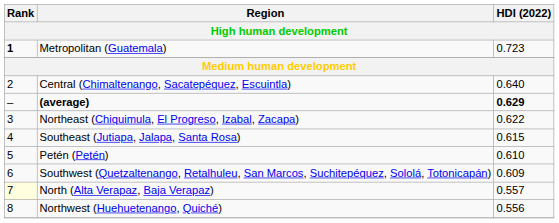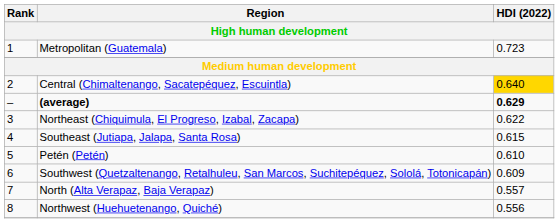 <table class="wikitable sortable">
 <tr>
 <th class="sort">Rank</th>
 <th class="sort">Region</th>
 <th class="sort">HDI (2022)</th>
 </tr>
 <tr>
 <th colspan="3" style="color:#0c0;">High human development</th>
 </tr>
 <tr>
-<td><strong>1</strong></td>
+<td>1</td>
 <td style="text-align:left">Metropolitan (<a href='#'>Guatemala</a>)</td>
 <td>0.723</td>
 </tr>
 <tr style="background:#e6e6e6">
 </tr>
 <tr>
 <th colspan="3" style="color:#fc0;">Medium human development</th>
 </tr>
 <tr>
 <td>2</td>
 <td style="text-align:left">Central (<a href='#'>Chimaltenango</a>, <a href='#'>Sacatepéquez</a>, <a href='#'>Escuintla</a>)</td>
-<td>0.640</td>
+<td style="background: gold;">0.640</td>
 </tr>
 <tr>
 <td>–</td>
 <td><strong></strong> <strong>(average)</strong></td>
 <td><strong>0.629</strong></td>
 </tr>
 <tr>
 <td>3</td>
 <td style="text-align:left">Northeast (<a href='#'>Chiquimula</a>, <a href='#'>El Progreso</a>, <a href='#'>Izabal</a>, <a href='#'>Zacapa</a>)</td>
 <td>0.622</td>
 </tr>
 <tr>
 <td>4</td>
 <td style="text-align:left">Southeast (<a href='#'>Jutiapa</a>, <a href='#'>Jalapa</a>, <a href='#'>Santa Rosa</a>)</td>
 <td>0.615</td>
 </tr>
 <tr>
 <td>5</td>
 <td style="text-align:left">Petén (<a href='#'>Petén</a>)</td>
 <td>0.610</td>
 </tr>
 <tr>
 <td>6</td>
 <td style="text-align:left">Southwest (<a href='#'>Quetzaltenango</a>, <a href='#'>Retalhuleu</a>, <a href='#'>San Marcos</a>, <a href='#'>Suchitepéquez</a>, <a href='#'>Sololá</a>, <a href='#'>Totonicapán</a>)</td>
 <td>0.609</td>
 </tr>
 <tr>
-<td style="background: lightyellow;">7</td>
+<td>7</td>
 <td style="text-align:left">North (<a href='#'>Alta Verapaz</a>, <a href='#'>Baja Verapaz</a>)</td>
 <td>0.557</td>
 </tr>
 <tr>
 <td>8</td>
 <td style="text-align:left">Northwest (<a href='#'>Huehuetenango</a>, <a href='#'>Quiché</a>)</td>
 <td>0.556</td>
 </tr>
 <tr>
 </tr>
 </table>
